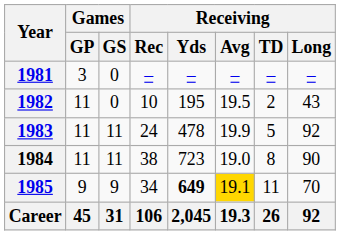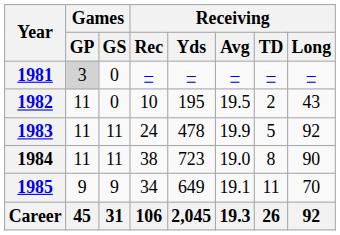 <table class="wikitable" style="text-align:center">
 <tr>
 <th rowspan="2">Year</th>
 <th colspan="2">Games</th>
 <th colspan="5">Receiving</th>
 </tr>
 <tr>
 <th>GP</th>
 <th>GS</th>
 <th>Rec</th>
 <th>Yds</th>
 <th>Avg</th>
 <th>TD</th>
 <th>Long</th>
 </tr>
 <tr>
 <th><a href='#'>1981</a></th>
-<td>3</td>
+<td style="background: lightgrey;">3</td>
 <td>0</td>
 <td><a href='#'>–</a></td>
 <td><a href='#'>–</a></td>
 <td><a href='#'>–</a></td>
 <td><a href='#'>–</a></td>
 <td><a href='#'>–</a></td>
 </tr>
 <tr>
 <th><a href='#'>1982</a></th>
 <td>11</td>
 <td>0</td>
 <td>10</td>
 <td>195</td>
 <td>19.5</td>
 <td>2</td>
 <td>43</td>
 </tr>
 <tr>
 <th><a href='#'>1983</a></th>
 <td>11</td>
 <td>11</td>
 <td>24</td>
 <td>478</td>
 <td>19.9</td>
 <td>5</td>
 <td>92</td>
 </tr>
 <tr>
 <th>1984</th>
 <td>11</td>
 <td>11</td>
 <td>38</td>
 <td>723</td>
 <td>19.0</td>
 <td>8</td>
 <td>90</td>
 </tr>
 <tr>
 <th><a href='#'>1985</a></th>
 <td>9</td>
 <td>9</td>
 <td>34</td>
-<td><strong>649</strong></td>
-<td style="background: gold;">19.1</td>
+<td>649</td>
+<td>19.1</td>
 <td>11</td>
 <td>70</td>
 </tr>
 <tr>
 <th>Career</th>
 <th>45</th>
 <th>31</th>
 <th>106</th>
 <th>2,045</th>
 <th>19.3</th>
 <th>26</th>
 <th>92</th>
 </tr>
 </table>
